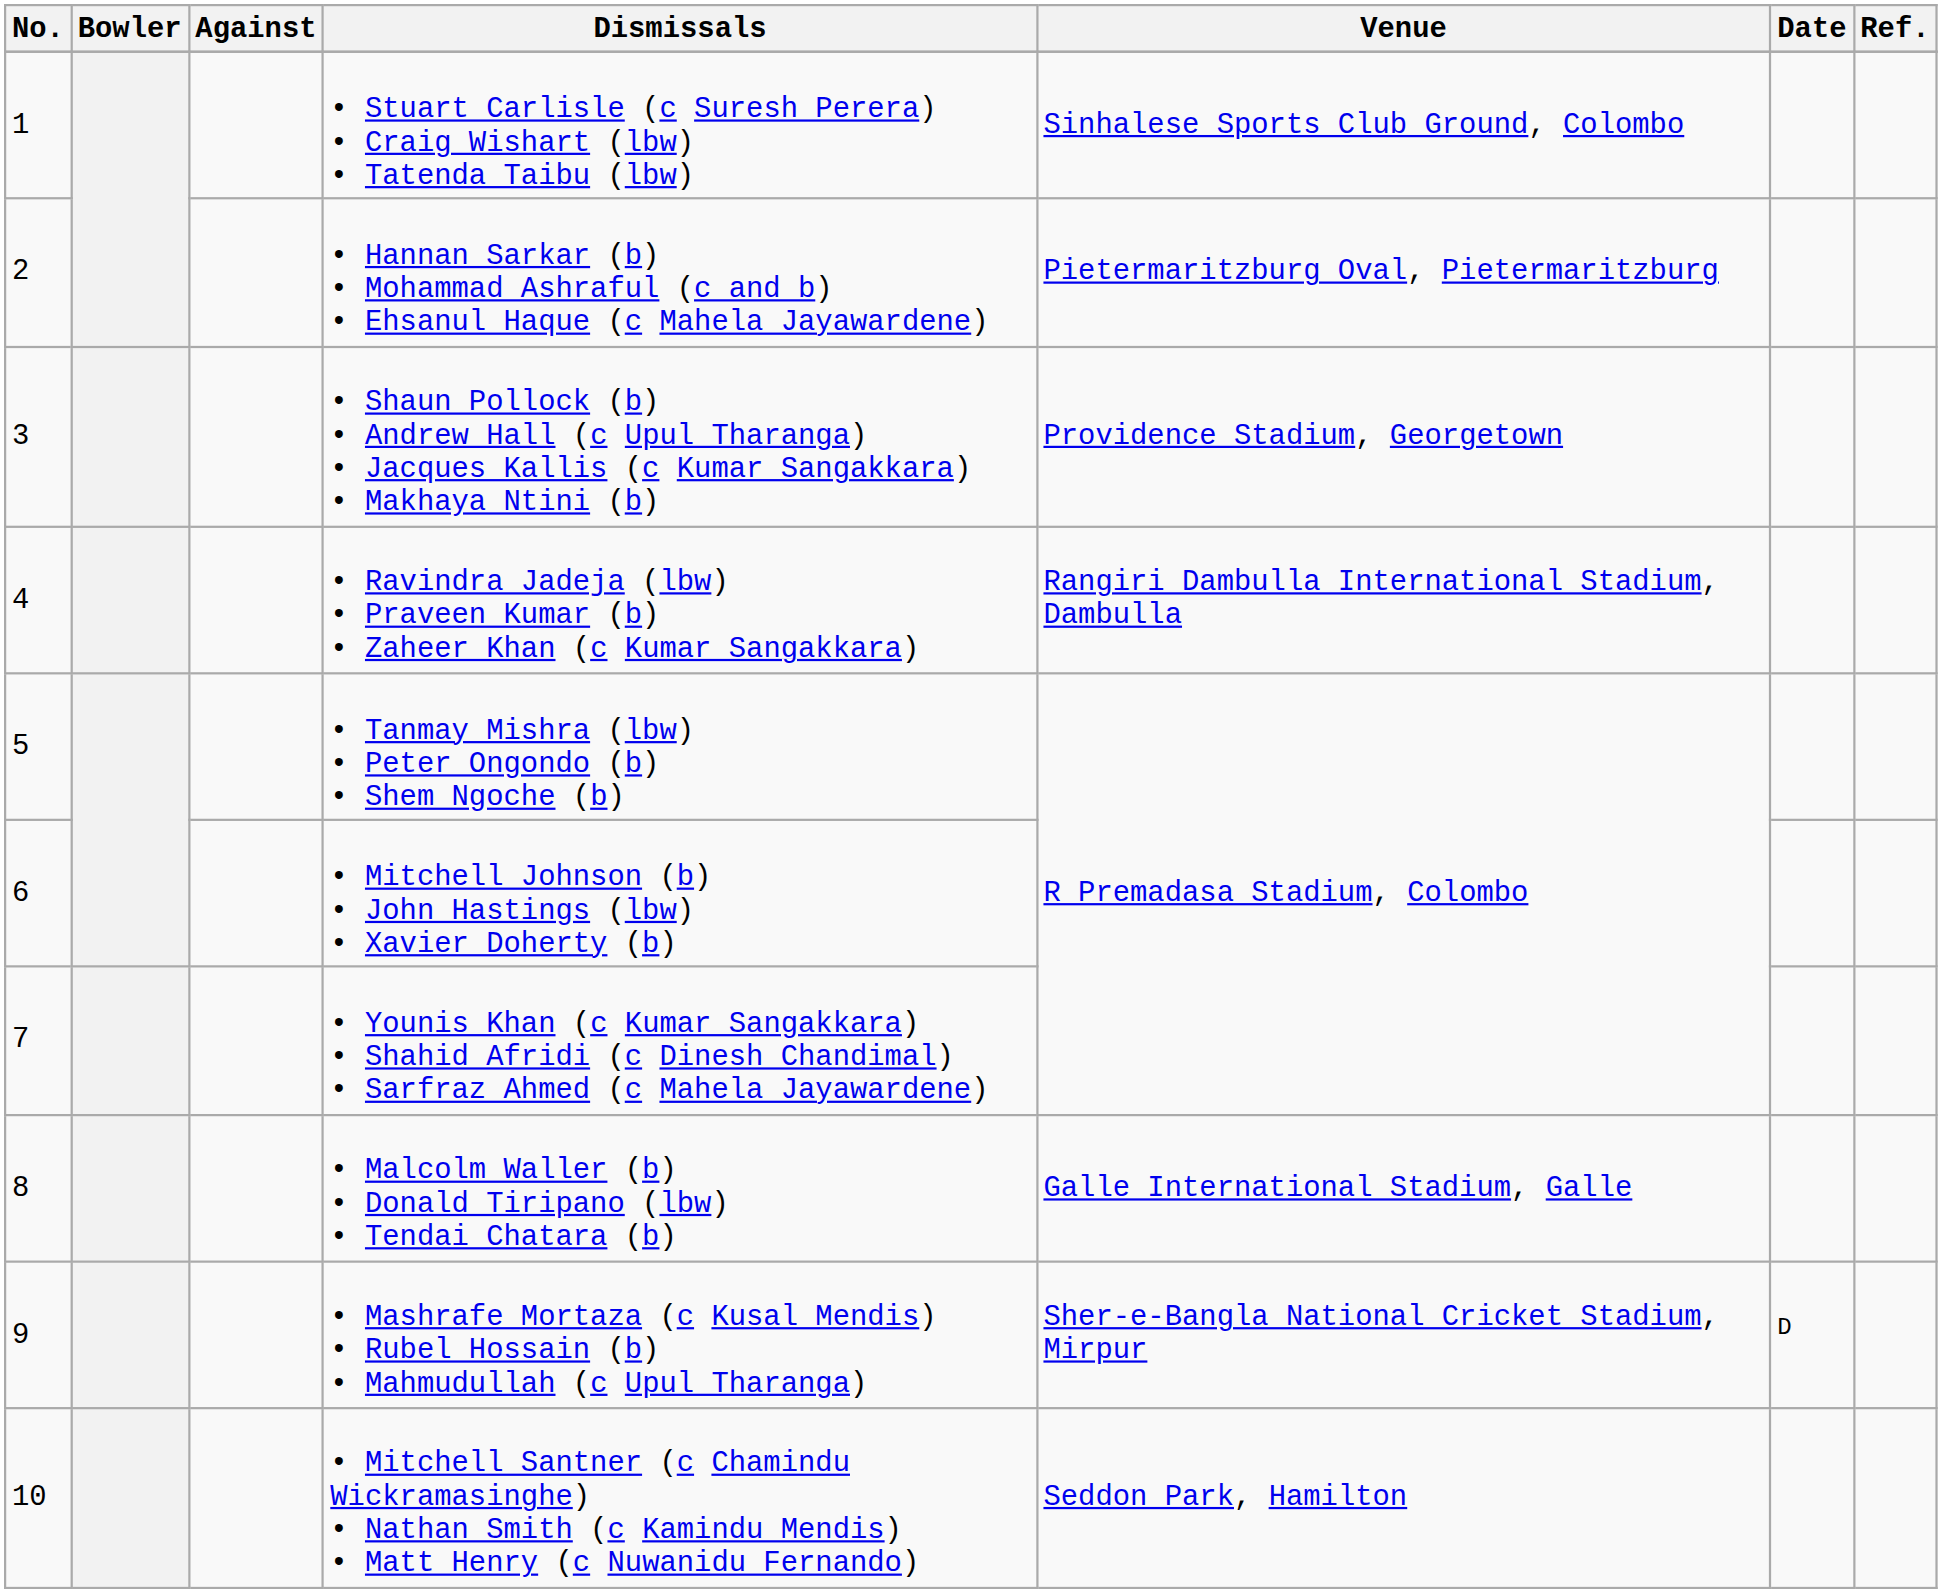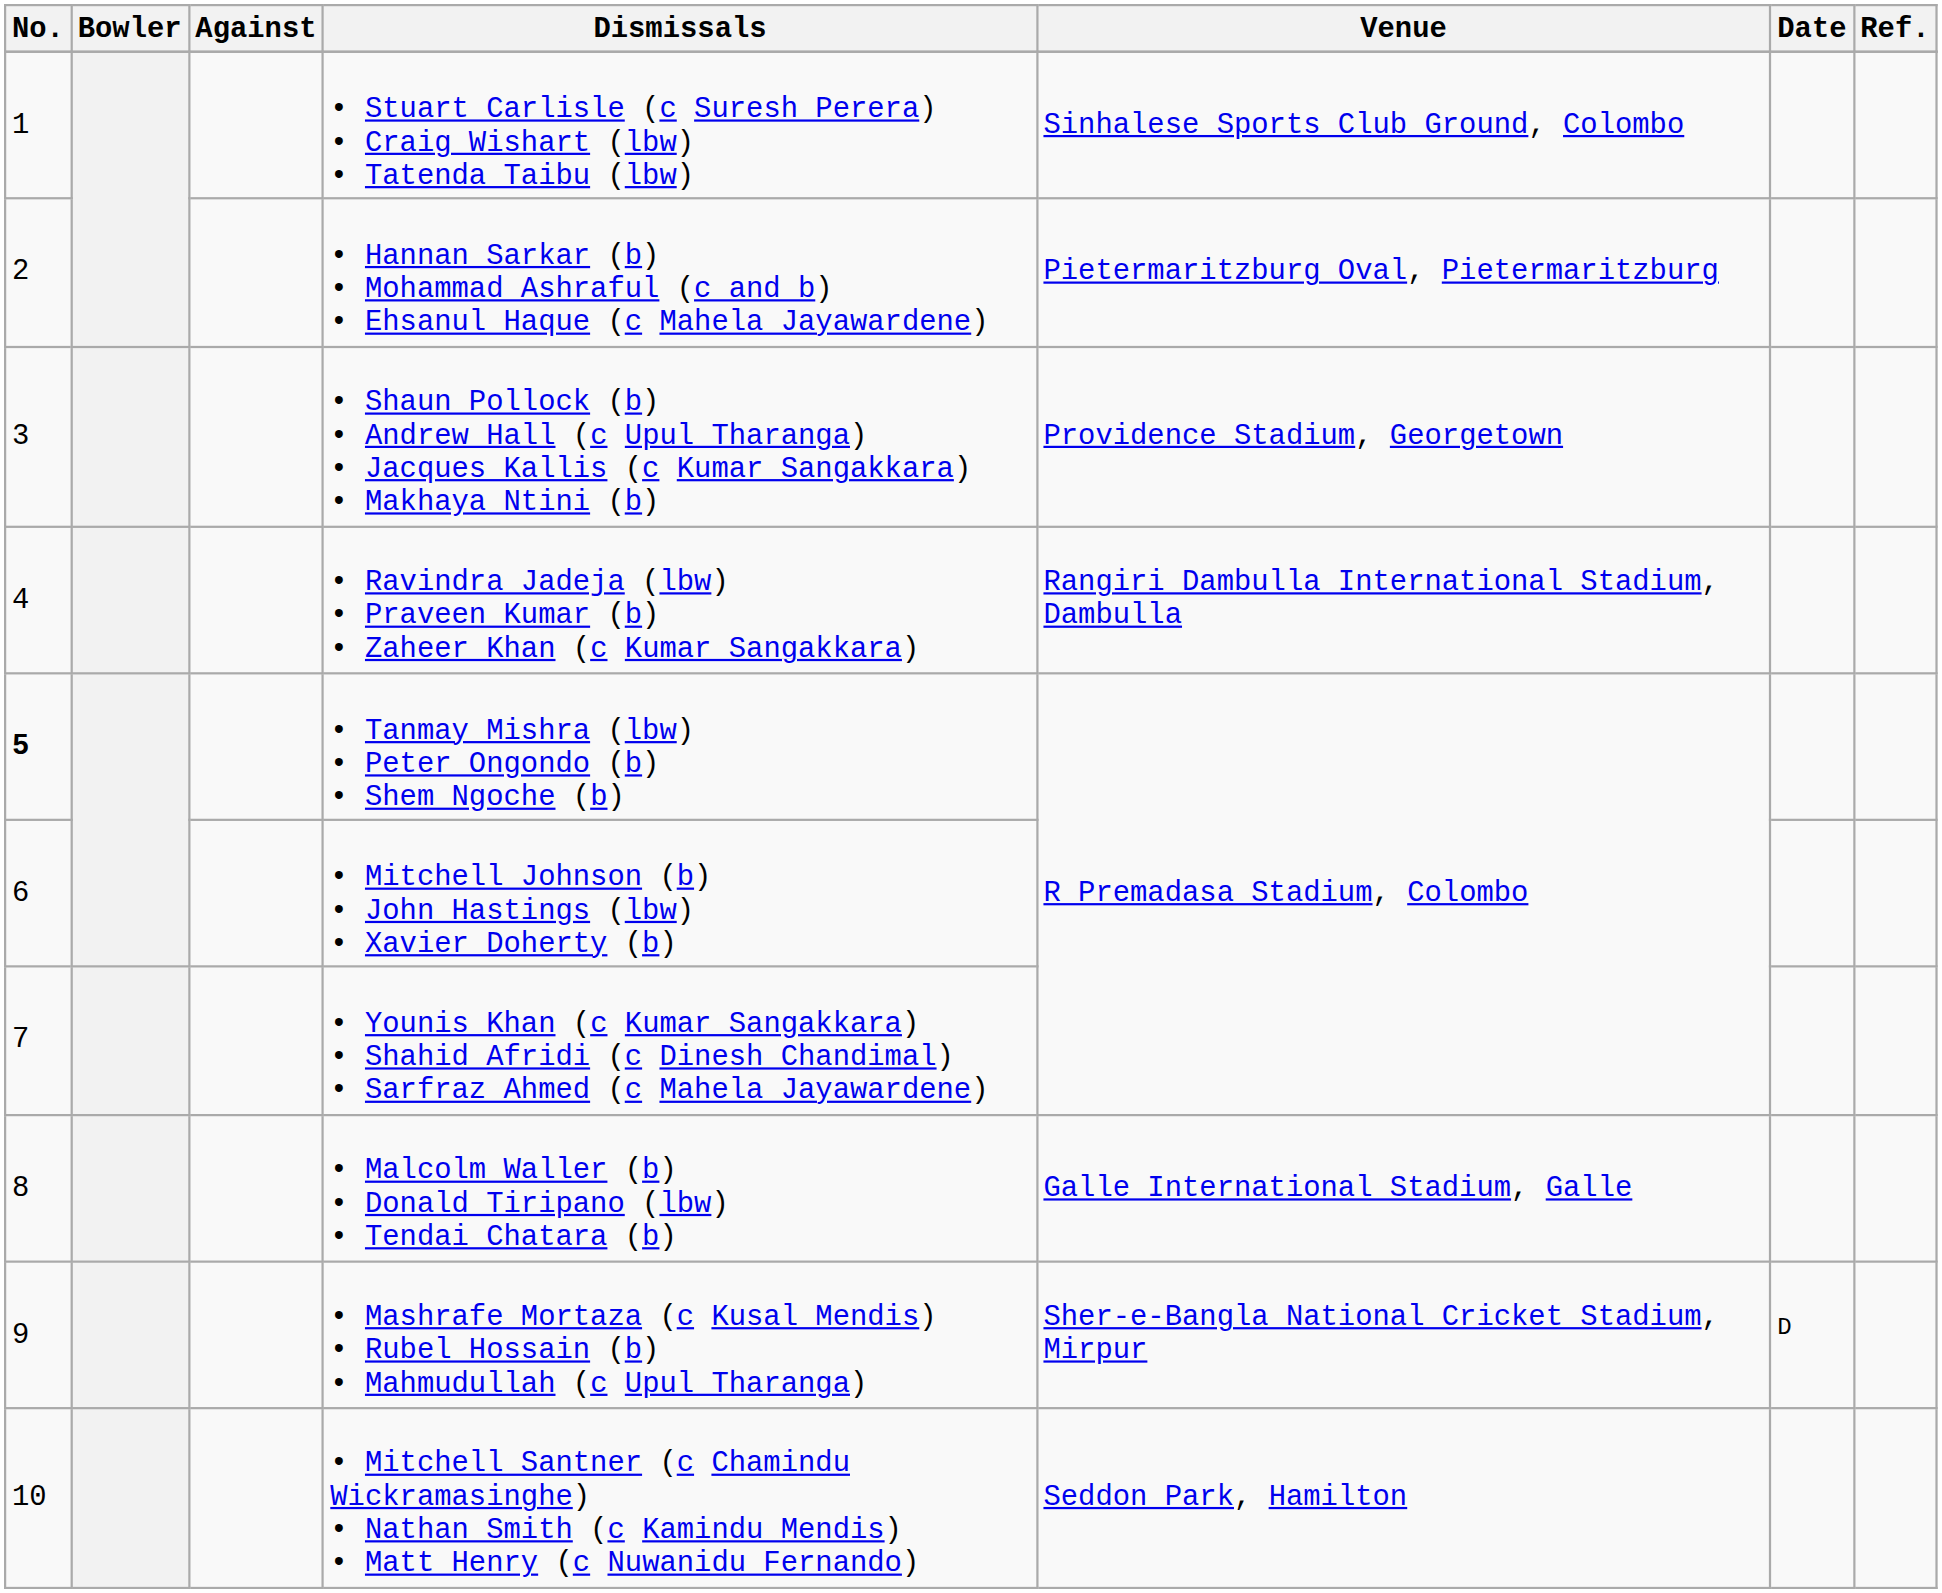 <table class="wikitable sortable plainrowheaders" style="font-size: 100%">
 <tr>
 <th scope="col">No.</th>
 <th scope="col">Bowler</th>
 <th scope="col">Against</th>
 <th scope="col">Dismissals</th>
 <th scope="col">Venue</th>
 <th scope="col">Date</th>
 <th scope="col" class="unsortable">Ref.</th>
 </tr>
 <tr>
 </tr>
 <tr>
 <td>1</td>
 <th scope="row" rowspan=2></th>
 <td></td>
 <td><br>• <a href='#'>Stuart Carlisle</a> (<a href='#'>c</a> <a href='#'>Suresh Perera</a>)<br> • <a href='#'>Craig Wishart</a> (<a href='#'>lbw</a>)<br> • <a href='#'>Tatenda Taibu</a> (<a href='#'>lbw</a>)</td>
 <td> <a href='#'>Sinhalese Sports Club Ground</a>, <a href='#'>Colombo</a></td>
 <td></td>
 <td></td>
 </tr>
 <tr>
 <td>2</td>
 <td></td>
 <td><br>• <a href='#'>Hannan Sarkar</a> (<a href='#'>b</a>)<br> • <a href='#'>Mohammad Ashraful</a> (<a href='#'>c and b</a>)<br> • <a href='#'>Ehsanul Haque</a> (<a href='#'>c</a> <a href='#'>Mahela Jayawardene</a>)</td>
 <td> <a href='#'>Pietermaritzburg Oval</a>, <a href='#'>Pietermaritzburg</a></td>
 <td></td>
 <td></td>
 </tr>
 <tr>
 <td>3</td>
 <th scope="row"></th>
 <td></td>
 <td><br>• <a href='#'>Shaun Pollock</a> (<a href='#'>b</a>)<br> • <a href='#'>Andrew Hall</a> (<a href='#'>c</a> <a href='#'>Upul Tharanga</a>)<br> • <a href='#'>Jacques Kallis</a> (<a href='#'>c</a> <a href='#'>Kumar Sangakkara</a>)<br> • <a href='#'>Makhaya Ntini</a> (<a href='#'>b</a>)<br></td>
 <td> <a href='#'>Providence Stadium</a>, <a href='#'>Georgetown</a></td>
 <td> </td>
 <td></td>
 </tr>
 <tr>
 <td>4</td>
 <th scope="row"></th>
 <td></td>
 <td><br>• <a href='#'>Ravindra Jadeja</a> (<a href='#'>lbw</a>)<br> • <a href='#'>Praveen Kumar</a> (<a href='#'>b</a>)<br> • <a href='#'>Zaheer Khan</a> (<a href='#'>c</a> <a href='#'>Kumar Sangakkara</a>)<br></td>
 <td> <a href='#'>Rangiri Dambulla International Stadium</a>, <a href='#'>Dambulla</a></td>
 <td></td>
 <td></td>
 </tr>
 <tr>
-<td>5</td>
+<td><strong>5</strong></td>
 <th scope="row"rowspan=2></th>
 <td></td>
 <td><br>• <a href='#'>Tanmay Mishra</a> (<a href='#'>lbw</a>)<br> • <a href='#'>Peter Ongondo</a> (<a href='#'>b</a>)<br> • <a href='#'>Shem Ngoche</a> (<a href='#'>b</a>)<br></td>
 <td rowspan=3> <a href='#'>R Premadasa Stadium</a>, <a href='#'>Colombo</a></td>
 <td> </td>
 <td></td>
 </tr>
 <tr>
 <td>6</td>
 <td></td>
 <td><br>• <a href='#'>Mitchell Johnson</a> (<a href='#'>b</a>)<br> • <a href='#'>John Hastings</a> (<a href='#'>lbw</a>)<br> • <a href='#'>Xavier Doherty</a> (<a href='#'>b</a>)<br></td>
 <td></td>
 <td></td>
 </tr>
 <tr>
 <td>7</td>
 <th scope="row"></th>
 <td></td>
 <td><br>• <a href='#'>Younis Khan</a> (<a href='#'>c</a> <a href='#'>Kumar Sangakkara</a>)<br> • <a href='#'>Shahid Afridi</a> (<a href='#'>c</a> <a href='#'>Dinesh Chandimal</a>)<br> • <a href='#'>Sarfraz Ahmed</a> (<a href='#'>c</a> <a href='#'>Mahela Jayawardene</a>)<br></td>
 <td></td>
 <td></td>
 </tr>
 <tr>
 <td>8</td>
 <th scope="row"></th>
 <td></td>
 <td><br>• <a href='#'>Malcolm Waller</a> (<a href='#'>b</a>)<br> • <a href='#'>Donald Tiripano</a> (<a href='#'>lbw</a>)<br> • <a href='#'>Tendai Chatara</a> (<a href='#'>b</a>)<br></td>
 <td> <a href='#'>Galle International Stadium</a>, <a href='#'>Galle</a></td>
 <td></td>
 <td></td>
 </tr>
 <tr>
 <td>9</td>
 <th scope="row"></th>
 <td></td>
 <td><br>• <a href='#'>Mashrafe Mortaza</a> (<a href='#'>c</a> <a href='#'>Kusal Mendis</a>)<br> • <a href='#'>Rubel Hossain</a> (<a href='#'>b</a>)<br> • <a href='#'>Mahmudullah</a> (<a href='#'>c</a> <a href='#'>Upul Tharanga</a>)</td>
 <td> <a href='#'>Sher-e-Bangla National Cricket Stadium</a>, <a href='#'>Mirpur</a></td>
 <td> <sup>D</sup></td>
 <td></td>
 </tr>
 <tr>
 <td>10</td>
 <th scope="row"></th>
 <td></td>
 <td><br>• <a href='#'>Mitchell Santner</a> (<a href='#'>c</a> <a href='#'>Chamindu Wickramasinghe</a>)<br> • <a href='#'>Nathan Smith</a> (<a href='#'>c</a> <a href='#'>Kamindu Mendis</a>)<br> • <a href='#'>Matt Henry</a> (<a href='#'>c</a> <a href='#'>Nuwanidu Fernando</a>)</td>
 <td> <a href='#'>Seddon Park</a>, <a href='#'>Hamilton</a></td>
 <td></td>
 <td></td>
 </tr>
 </table>
